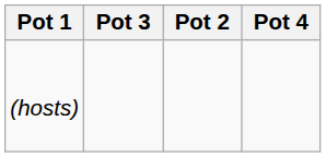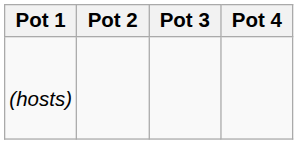 <table class="wikitable">
 <tr>
 <th width=25%>Pot 1</th>
+<th width=25%>Pot 2</th>
 <th width=25%>Pot 3</th>
-<th width=25%>Pot 2</th>
 <th width=25%>Pot 4</th>
 </tr>
 <tr>
 <td><br> <br>  <em>(hosts)</em> <br>  <br> </td>
 <td><br> <br>  <br>  <br> </td>
 <td><br> <br>  <br>  <br> </td>
 <td><br> <br>  <br>  <br> </td>
 </tr>
 </table>
